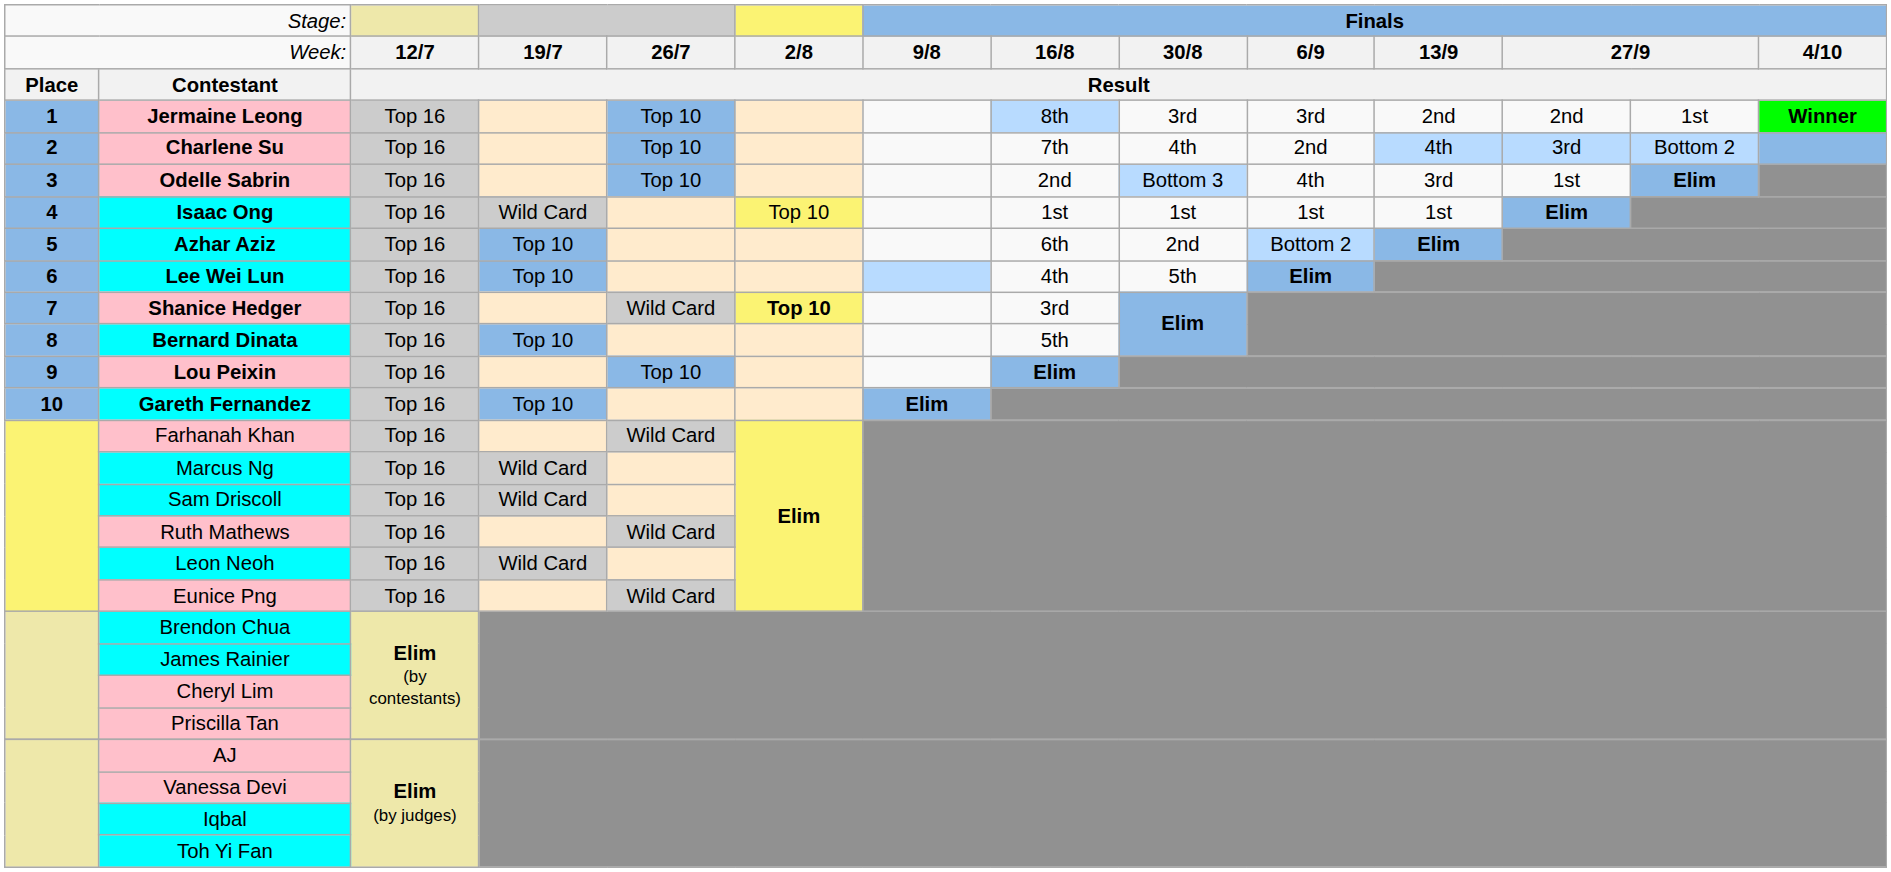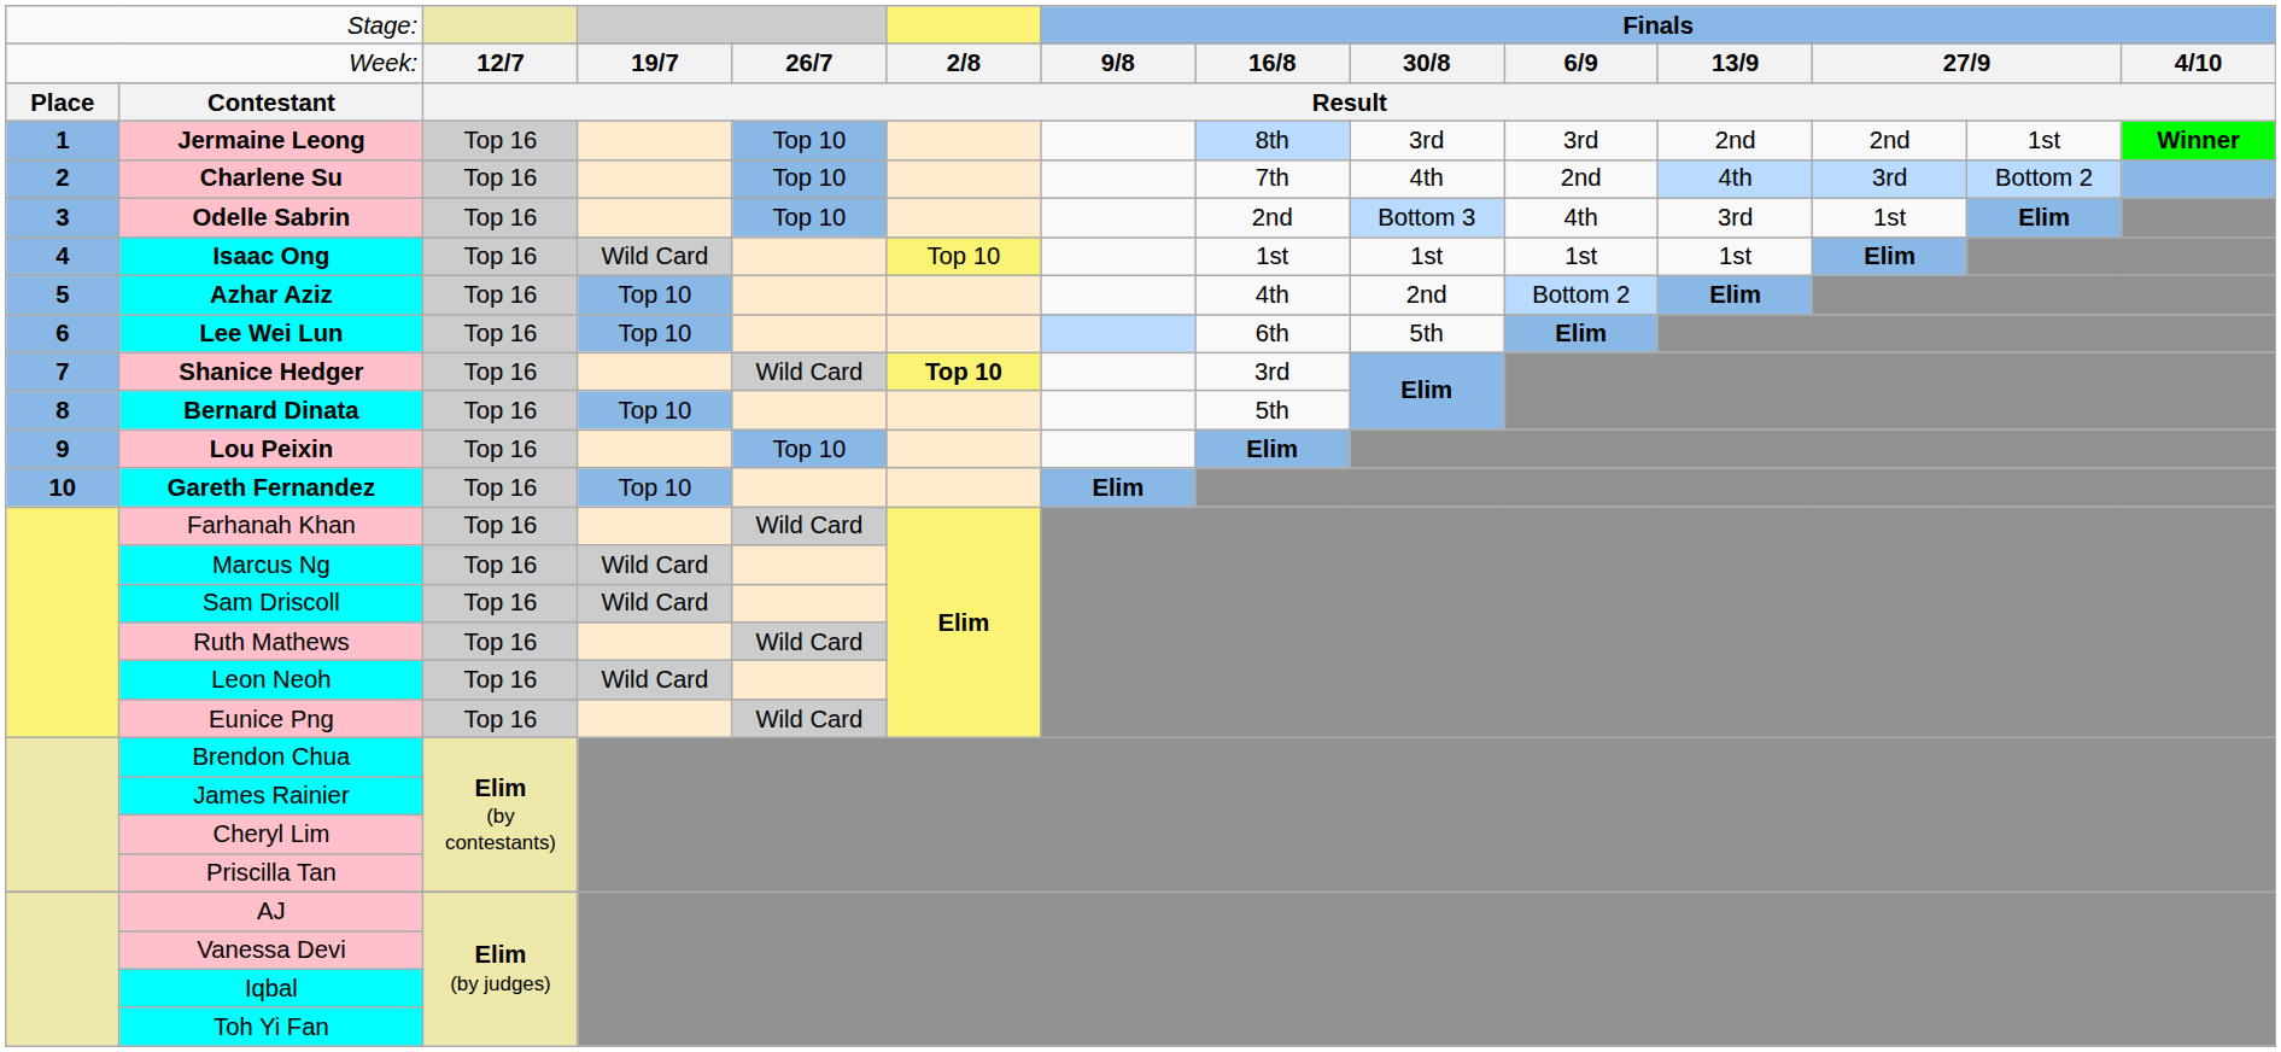 <table class="wikitable" style="text-align:center; font-size:85%; width:100%; margin:1em auto;">
 <tr>
 <td colspan="2" style="text-align:right;"><em>Stage:</em></td>
 <td style="background:palegoldenrod;"></td>
 <td colspan="2" style="background:#ccc;"></td>
 <td style="background:#fbf373;"></td>
 <td colspan="8" style="background:#8ab8e6;"><strong>Finals</strong></td>
 </tr>
 <tr>
 <td colspan="2" style="text-align:right;"><em>Week:</em></td>
 <th width=6.8%>12/7</th>
 <th width=6.8%>19/7</th>
 <th width=6.8%>26/7</th>
 <th width=6.8%>2/8</th>
 <th width=6.8%>9/8</th>
 <th width=6.8%>16/8</th>
 <th width=6.8%>30/8</th>
 <th width=6.8%>6/9</th>
 <th width=6.8%>13/9</th>
 <th colspan=2>27/9</th>
 <th width=6.8%>4/10</th>
 </tr>
 <tr>
 <th width=5%>Place</th>
 <th width=13.4%>Contestant</th>
 <th colspan="12">Result</th>
 </tr>
 <tr>
 <td style="background:#8ab8e6;"><strong>1</strong></td>
 <td style="background:pink;"><strong>Jermaine Leong</strong></td>
 <td style="background:#ccc;">Top 16</td>
 <td style="background:#ffebcd;"></td>
 <td style="background:#8ab8e6">Top 10</td>
 <td style="background:#ffebcd;"></td>
 <td></td>
 <td style="background:#b8dbff;">8th</td>
 <td>3rd</td>
 <td>3rd</td>
 <td>2nd</td>
 <td>2nd</td>
 <td width=6.8%>1st</td>
 <td style="background:lime;"><strong>Winner</strong></td>
 </tr>
 <tr>
 <td style="background:#8ab8e6;"><strong>2</strong></td>
 <td style="background:pink;"><strong>Charlene Su</strong></td>
 <td style="background:#ccc;">Top 16</td>
 <td style="background:#ffebcd;"></td>
 <td style="background:#8ab8e6">Top 10</td>
 <td style="background:#ffebcd;"></td>
 <td></td>
 <td>7th</td>
 <td>4th</td>
 <td>2nd</td>
 <td style="background:#b8dbff;">4th</td>
 <td style="background:#b8dbff;">3rd</td>
 <td style="background:#b8dbff;">Bottom 2</td>
 <td style="background:#8ab8e6"></td>
 </tr>
 <tr>
 <td style="background:#8ab8e6;"><strong>3</strong></td>
 <td style="background:pink;"><strong>Odelle Sabrin</strong></td>
 <td style="background:#ccc;">Top 16</td>
 <td style="background:#ffebcd;"></td>
 <td style="background:#8ab8e6">Top 10</td>
 <td style="background:#ffebcd;"></td>
 <td></td>
 <td>2nd</td>
 <td style="background:#b8dbff;">Bottom 3</td>
 <td>4th</td>
 <td>3rd</td>
 <td width=6.8%>1st</td>
 <td style="background:#8ab8e6;"><strong>Elim</strong></td>
 <td style="background:#919191;"></td>
 </tr>
 <tr>
 <td style="background:#8ab8e6;"><strong>4</strong></td>
 <td style="background:cyan;"><strong>Isaac Ong</strong></td>
 <td style="background:#ccc;">Top 16</td>
 <td style="background:#ccc;">Wild Card</td>
 <td style="background:#ffebcd;"></td>
 <td style="background:#fbf373;">Top 10</td>
 <td></td>
 <td>1st</td>
 <td>1st</td>
 <td>1st</td>
 <td>1st</td>
 <td style="background:#8ab8e6;"><strong>Elim</strong></td>
 <td style="background:#919191;" colspan="2"></td>
 </tr>
 <tr>
 <td style="background:#8ab8e6;"><strong>5</strong></td>
 <td style="background:cyan;"><strong>Azhar Aziz</strong></td>
 <td style="background:#ccc;">Top 16</td>
 <td style="background:#8ab8e6">Top 10</td>
 <td style="background:#ffebcd;"></td>
 <td style="background:#ffebcd;"></td>
 <td></td>
-<td>6th</td>
+<td>4th</td>
 <td>2nd</td>
 <td style="background:#b8dbff;">Bottom 2</td>
 <td style="background:#8ab8e6;"><strong>Elim</strong></td>
 <td style="background:#919191;" colspan="3"></td>
 </tr>
 <tr>
 <td style="background:#8ab8e6;"><strong>6</strong></td>
 <td style="background:cyan;"><strong>Lee Wei Lun</strong></td>
 <td style="background:#ccc;">Top 16</td>
 <td style="background:#8ab8e6">Top 10</td>
 <td style="background:#ffebcd;"></td>
 <td style="background:#ffebcd;"></td>
 <td style="background:#b8dbff;"></td>
-<td>4th</td>
+<td>6th</td>
 <td>5th</td>
 <td style="background:#8ab8e6;"><strong>Elim</strong></td>
 <td style="background:#919191;" colspan="4"></td>
 </tr>
 <tr>
 <td style="background:#8ab8e6;"><strong>7</strong></td>
 <td style="background:pink;"><strong>Shanice Hedger</strong></td>
 <td style="background:#ccc;">Top 16</td>
 <td style="background:#ffebcd;"></td>
 <td style="background:#ccc;">Wild Card</td>
 <td style="background:#fbf373;"><strong>Top 10</strong></td>
 <td></td>
 <td>3rd</td>
 <td rowspan=2 style="background:#8ab8e6;"><strong>Elim</strong></td>
 <td rowspan=2 style="background:#919191;" colspan="5"></td>
 </tr>
 <tr>
 <td style="background:#8ab8e6;"><strong>8</strong></td>
 <td style="background:cyan;"><strong>Bernard Dinata</strong></td>
 <td style="background:#ccc;">Top 16</td>
 <td style="background:#8ab8e6">Top 10</td>
 <td style="background:#ffebcd;"></td>
 <td style="background:#ffebcd;"></td>
 <td></td>
 <td>5th</td>
 </tr>
 <tr>
 <td style="background:#8ab8e6;"><strong>9</strong></td>
 <td style="background:pink;"><strong>Lou Peixin</strong></td>
 <td style="background:#ccc;">Top 16</td>
 <td style="background:#ffebcd;"></td>
 <td style="background:#8ab8e6">Top 10</td>
 <td style="background:#ffebcd;"></td>
 <td></td>
 <td style="background:#8ab8e6;"><strong>Elim</strong></td>
 <td style="background:#919191;" colspan="6"></td>
 </tr>
 <tr>
 <td style="background:#8ab8e6;"><strong>10</strong></td>
 <td style="background:cyan;"><strong>Gareth Fernandez</strong></td>
 <td style="background:#ccc;">Top 16</td>
 <td style="background:#8ab8e6">Top 10</td>
 <td style="background:#ffebcd;"></td>
 <td style="background:#ffebcd;"></td>
 <td style="background:#8ab8e6;"><strong>Elim</strong></td>
 <td style="background:#919191;" colspan="7"></td>
 </tr>
 <tr>
 <td style="background:#fbf373;" rowspan="6"></td>
 <td style="background:pink;">Farhanah Khan</td>
 <td style="background:#ccc;">Top 16</td>
 <td style="background:#ffebcd;"></td>
 <td style="background:#ccc;">Wild Card</td>
 <td style="background:#fbf373;" rowspan="6"><strong>Elim</strong></td>
 <td style="background:#919191;" colspan="8" rowspan="6"></td>
 </tr>
 <tr>
 <td style="background:cyan;">Marcus Ng</td>
 <td style="background:#ccc;">Top 16</td>
 <td style="background:#ccc;">Wild Card</td>
 <td style="background:#ffebcd;"></td>
 </tr>
 <tr>
 <td style="background:cyan;">Sam Driscoll</td>
 <td style="background:#ccc;">Top 16</td>
 <td style="background:#ccc;">Wild Card</td>
 <td style="background:#ffebcd;"></td>
 </tr>
 <tr>
 <td style="background:pink;">Ruth Mathews</td>
 <td style="background:#ccc;">Top 16</td>
 <td style="background:#ffebcd;"></td>
 <td style="background:#ccc;">Wild Card</td>
 </tr>
 <tr>
 <td style="background:cyan;">Leon Neoh</td>
 <td style="background:#ccc;">Top 16</td>
 <td style="background:#ccc;">Wild Card</td>
 <td style="background:#ffebcd;"></td>
 </tr>
 <tr>
 <td style="background:pink;">Eunice Png</td>
 <td style="background:#ccc;">Top 16</td>
 <td style="background:#ffebcd;"></td>
 <td style="background:#ccc;">Wild Card</td>
 </tr>
 <tr>
 <td style="background:palegoldenrod;" rowspan=4></td>
 <td style="background:cyan;">Brendon Chua</td>
 <td style="background:palegoldenrod;" rowspan=4><strong>Elim</strong><br><small>(by contestants)</small></td>
 <td colspan="11" rowspan="4" style="background:#919191;"></td>
 </tr>
 <tr>
 <td style="background:cyan;">James Rainier</td>
 </tr>
 <tr>
 <td style="background:pink;">Cheryl Lim</td>
 </tr>
 <tr>
 <td style="background:pink;">Priscilla Tan</td>
 </tr>
 <tr>
 </tr>
 <tr>
 <td style="background:palegoldenrod;" rowspan=4></td>
 <td style="background:pink;">AJ</td>
 <td style="background:palegoldenrod;" rowspan=4><strong>Elim</strong><br><small>(by judges)</small></td>
 <td colspan="11" rowspan="4" style="background:#919191;"></td>
 </tr>
 <tr>
 <td style="background:pink;">Vanessa Devi</td>
 </tr>
 <tr>
 <td style="background:cyan;">Iqbal</td>
 </tr>
 <tr>
 <td style="background:cyan;">Toh Yi Fan</td>
 </tr>
 <tr>
 </tr>
 <tr>
 </tr>
 </table>
